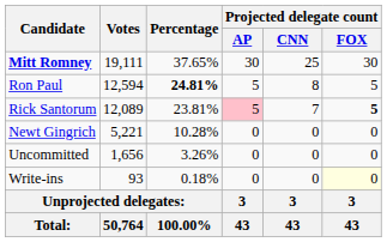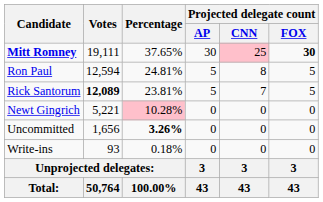 <table class="wikitable" style="text-align:right;">
 <tr>
 <th rowspan="2">Candidate</th>
 <th rowspan="2">Votes</th>
 <th rowspan="2">Percentage</th>
 <th colspan="3">Projected delegate count</th>
 </tr>
 <tr>
 <th><a href='#'>AP</a><br></th>
 <th><a href='#'>CNN</a><br></th>
 <th><a href='#'>FOX</a><br></th>
 </tr>
 <tr>
 <td style="text-align:left;"> <strong><a href='#'>Mitt Romney</a></strong></td>
 <td>19,111</td>
 <td>37.65%</td>
 <td>30</td>
-<td>25</td>
-<td>30</td>
+<td style="background: pink;">25</td>
+<td><strong>30</strong></td>
 </tr>
 <tr>
 <td style="text-align:left;"><a href='#'>Ron Paul</a></td>
 <td>12,594</td>
-<td><strong>24.81%</strong></td>
+<td>24.81%</td>
 <td>5</td>
 <td>8</td>
 <td>5</td>
 </tr>
 <tr>
 <td style="text-align:left;"><a href='#'>Rick Santorum</a></td>
-<td>12,089</td>
+<td><strong>12,089</strong></td>
 <td>23.81%</td>
-<td style="background: pink;">5</td>
+<td>5</td>
 <td>7</td>
-<td><strong>5</strong></td>
+<td>5</td>
 </tr>
 <tr>
 <td style="text-align:left;"><a href='#'>Newt Gingrich</a></td>
 <td>5,221</td>
-<td>10.28%</td>
+<td style="background: pink;">10.28%</td>
 <td>0</td>
 <td>0</td>
 <td>0</td>
 </tr>
 <tr>
 <td style="text-align:left;">Uncommitted</td>
 <td>1,656</td>
-<td>3.26%</td>
+<td><strong>3.26%</strong></td>
 <td>0</td>
 <td>0</td>
 <td>0</td>
 </tr>
 <tr>
 <td style="text-align:left;">Write-ins</td>
 <td>93</td>
 <td>0.18%</td>
 <td>0</td>
 <td>0</td>
-<td style="background: lightyellow;">0</td>
+<td>0</td>
 </tr>
 <tr style="background:#eee;">
 <th colspan="3">Unprojected delegates:</th>
 <th>3</th>
 <th>3</th>
 <th>3</th>
 </tr>
 <tr style="background:#eee;">
 <th>Total:</th>
 <th>50,764</th>
 <th>100.00%</th>
 <th>43</th>
 <th>43</th>
 <th>43</th>
 </tr>
 </table>
